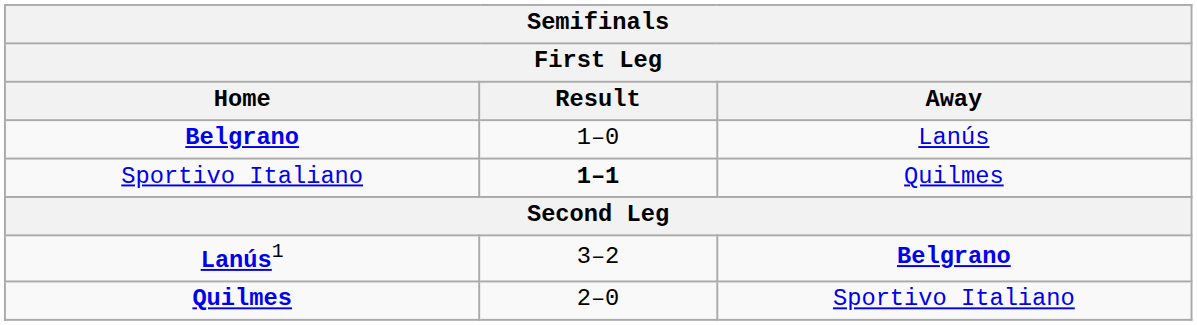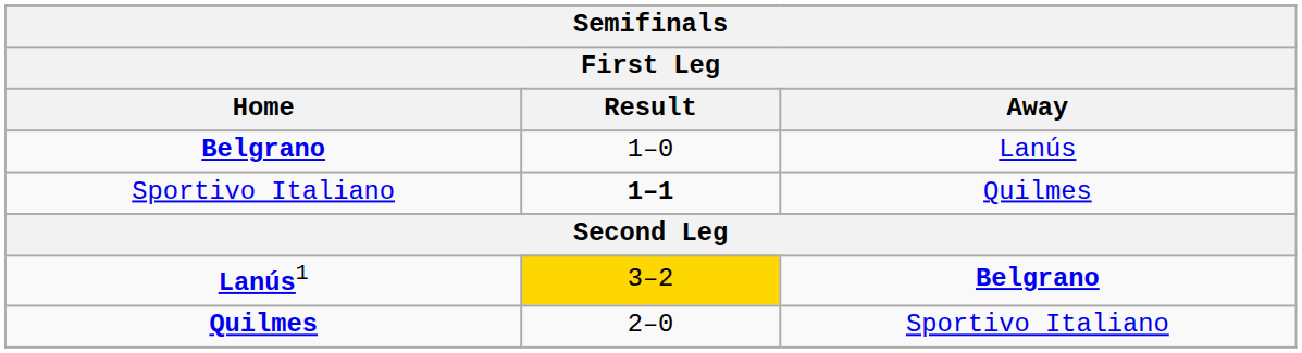 <table align=center class="wikitable collapsible collapsed" style="font-size:95%; text-align: center; width: 70%;">
 <tr>
 <th colspan=100% style="with: 100%;" align=center>Semifinals</th>
 </tr>
 <tr>
 <th colspan=100% style="with: 75%;" align=center>First Leg</th>
 </tr>
 <tr>
 <th width=30%>Home</th>
 <th width=15%>Result</th>
 <th width=30%>Away</th>
 </tr>
 <tr align=center>
 <td><strong><a href='#'>Belgrano</a></strong></td>
 <td>1–0</td>
 <td><a href='#'>Lanús</a></td>
 </tr>
 <tr align=center>
 <td><a href='#'>Sportivo Italiano</a></td>
 <td><strong>1–1</strong></td>
 <td><a href='#'>Quilmes</a></td>
 </tr>
 <tr>
 <th colspan=100% style="with: 75%;" align=center>Second Leg</th>
 </tr>
 <tr align=center>
 <td><strong><a href='#'>Lanús</a></strong><sup>1</sup></td>
-<td>3–2</td>
+<td style="background: gold;">3–2</td>
 <td><strong><a href='#'>Belgrano</a></strong></td>
 </tr>
 <tr align=center>
 <td><strong><a href='#'>Quilmes</a></strong></td>
 <td>2–0</td>
 <td><a href='#'>Sportivo Italiano</a></td>
 </tr>
 </table>
